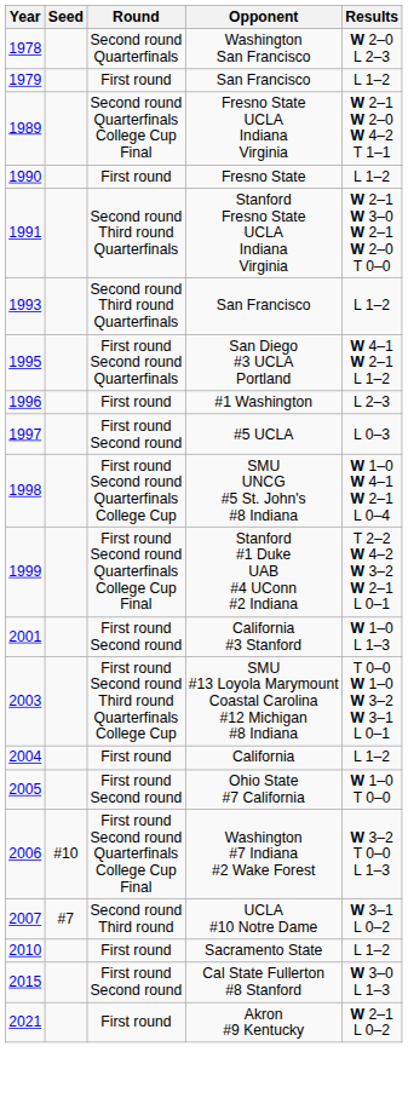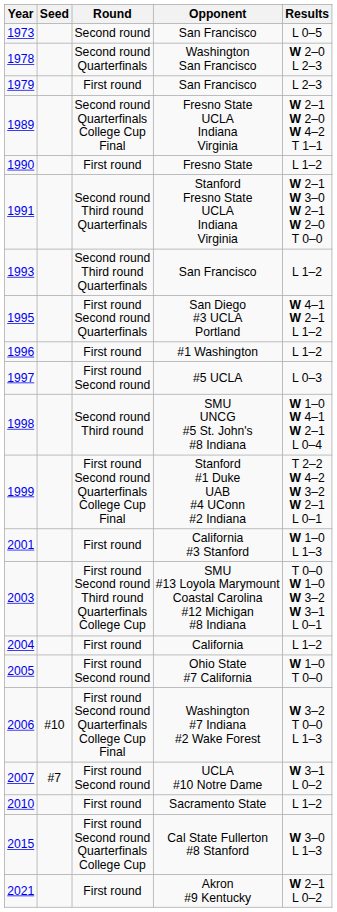 <table class="wikitable">
 <tr>
 <th>Year</th>
 <th>Seed</th>
 <th>Round</th>
 <th>Opponent</th>
 <th>Results</th>
+</tr>
+<tr align="center">
+<td><a href='#'>1973</a></td>
+<td></td>
+<td>Second round</td>
+<td>San Francisco</td>
+<td>L 0–5</td>
 </tr>
 <tr align="center">
 <td><a href='#'>1978</a></td>
 <td></td>
 <td>Second round<br>Quarterfinals</td>
 <td>Washington<br>San Francisco</td>
 <td><strong>W</strong> 2–0<br>L 2–3</td>
 </tr>
 <tr align="center">
 <td><a href='#'>1979</a></td>
 <td></td>
 <td>First round</td>
 <td>San Francisco</td>
-<td>L 1–2</td>
+<td>L 2–3</td>
 </tr>
 <tr align="center">
 <td><a href='#'>1989</a></td>
 <td></td>
 <td>Second round<br>Quarterfinals<br>College Cup<br>Final</td>
 <td>Fresno State<br>UCLA<br>Indiana<br>Virginia</td>
 <td><strong>W</strong> 2–1<br><strong>W</strong> 2–0<br><strong>W</strong> 4–2<br>T 1–1</td>
 </tr>
 <tr align="center">
 <td><a href='#'>1990</a></td>
 <td></td>
 <td>First round</td>
 <td>Fresno State</td>
 <td>L 1–2</td>
 </tr>
 <tr align="center">
 <td><a href='#'>1991</a></td>
 <td></td>
 <td>Second round<br>Third round<br>Quarterfinals</td>
 <td>Stanford<br>Fresno State<br>UCLA<br>Indiana<br>Virginia</td>
 <td><strong>W</strong> 2–1<br><strong>W</strong> 3–0<br><strong>W</strong> 2–1<br><strong>W</strong> 2–0<br>T 0–0</td>
 </tr>
 <tr align="center">
 <td><a href='#'>1993</a></td>
 <td></td>
 <td>Second round<br>Third round<br>Quarterfinals</td>
 <td>San Francisco</td>
 <td>L 1–2</td>
 </tr>
 <tr align="center">
 <td><a href='#'>1995</a></td>
 <td></td>
 <td>First round<br>Second round<br>Quarterfinals</td>
 <td>San Diego<br>#3 UCLA<br>Portland</td>
 <td><strong>W</strong> 4–1<br><strong>W</strong> 2–1<br>L 1–2</td>
 </tr>
 <tr align="center">
 <td><a href='#'>1996</a></td>
 <td></td>
 <td>First round</td>
 <td>#1 Washington</td>
-<td>L 2–3</td>
+<td>L 1–2</td>
 </tr>
 <tr align="center">
 <td><a href='#'>1997</a></td>
 <td></td>
 <td>First round<br>Second round</td>
 <td>#5 UCLA</td>
 <td>L 0–3</td>
 </tr>
 <tr align="center">
 <td><a href='#'>1998</a></td>
 <td></td>
-<td>First round<br>Second round<br>Quarterfinals<br>College Cup</td>
+<td>Second round<br>Third round</td>
 <td>SMU<br>UNCG<br>#5 St. John's<br>#8 Indiana</td>
 <td><strong>W</strong> 1–0<br><strong>W</strong> 4–1<br><strong>W</strong> 2–1<br>L 0–4</td>
 </tr>
 <tr align="center">
 <td><a href='#'>1999</a></td>
 <td></td>
 <td>First round<br>Second round<br>Quarterfinals<br>College Cup<br>Final</td>
 <td>Stanford<br>#1 Duke<br>UAB<br>#4 UConn<br>#2 Indiana</td>
 <td>T 2–2<br><strong>W</strong> 4–2<br><strong>W</strong> 3–2<br><strong>W</strong> 2–1<br>L 0–1</td>
 </tr>
 <tr align="center">
 <td><a href='#'>2001</a></td>
 <td></td>
-<td>First round<br>Second round</td>
+<td>First round</td>
 <td>California<br>#3 Stanford</td>
 <td><strong>W</strong> 1–0<br>L 1–3</td>
 </tr>
 <tr align="center">
 <td><a href='#'>2003</a></td>
 <td></td>
 <td>First round<br>Second round<br>Third round<br>Quarterfinals<br>College Cup</td>
 <td>SMU<br>#13 Loyola Marymount<br>Coastal Carolina<br>#12 Michigan<br>#8 Indiana</td>
 <td>T 0–0<br><strong>W</strong> 1–0<br><strong>W</strong> 3–2<br><strong>W</strong> 3–1<br>L 0–1</td>
 </tr>
 <tr align="center">
 <td><a href='#'>2004</a></td>
 <td></td>
 <td>First round</td>
 <td>California</td>
 <td>L 1–2</td>
 </tr>
 <tr align="center">
 <td><a href='#'>2005</a></td>
 <td></td>
 <td>First round<br>Second round</td>
 <td>Ohio State<br>#7 California</td>
 <td><strong>W</strong> 1–0<br>T 0–0</td>
 </tr>
 <tr align="center">
 <td><a href='#'>2006</a></td>
 <td>#10</td>
 <td>First round<br>Second round<br>Quarterfinals<br>College Cup<br>Final</td>
 <td>Washington<br>#7 Indiana<br>#2 Wake Forest</td>
 <td><strong>W</strong> 3–2<br>T 0–0<br>L 1–3</td>
 </tr>
 <tr align="center">
 <td><a href='#'>2007</a></td>
 <td>#7</td>
-<td>Second round<br>Third round</td>
+<td>First round<br>Second round</td>
 <td>UCLA<br>#10 Notre Dame</td>
 <td><strong>W</strong> 3–1<br>L 0–2</td>
 </tr>
 <tr align="center">
 <td><a href='#'>2010</a></td>
 <td></td>
 <td>First round</td>
 <td>Sacramento State</td>
 <td>L 1–2</td>
 </tr>
 <tr align="center">
 <td><a href='#'>2015</a></td>
 <td></td>
-<td>First round<br>Second round</td>
+<td>First round<br>Second round<br>Quarterfinals<br>College Cup</td>
 <td>Cal State Fullerton<br>#8 Stanford</td>
 <td><strong>W</strong> 3–0<br>L 1–3</td>
 </tr>
 <tr align="center">
 <td><a href='#'>2021</a></td>
 <td></td>
 <td>First round</td>
 <td>Akron<br>#9 Kentucky</td>
 <td><strong>W</strong> 2–1<br>L 0–2</td>
 </tr>
 </table>
